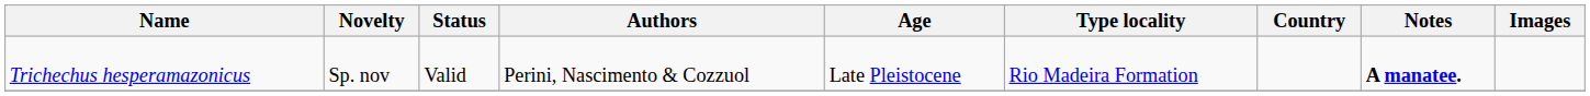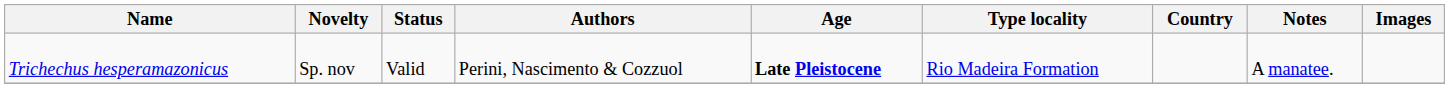 <table class="wikitable sortable" align="center" width="100%">
 <tr>
 <th>Name</th>
 <th>Novelty</th>
 <th>Status</th>
 <th>Authors</th>
 <th>Age</th>
 <th>Type locality</th>
 <th>Country</th>
 <th>Notes</th>
 <th>Images</th>
 </tr>
 <tr>
 <td><br><em><a href='#'>Trichechus hesperamazonicus</a></em></td>
 <td><br>Sp. nov</td>
 <td><br>Valid</td>
 <td><br>Perini, Nascimento & Cozzuol</td>
-<td><br>Late <a href='#'>Pleistocene</a></td>
+<td><strong><br>Late <a href='#'>Pleistocene</a></strong></td>
 <td><br><a href='#'>Rio Madeira Formation</a></td>
 <td><br></td>
-<td><strong><br>A <a href='#'>manatee</a>.</strong></td>
+<td><br>A <a href='#'>manatee</a>.</td>
 <td></td>
 </tr>
 <tr>
 </tr>
 </table>
